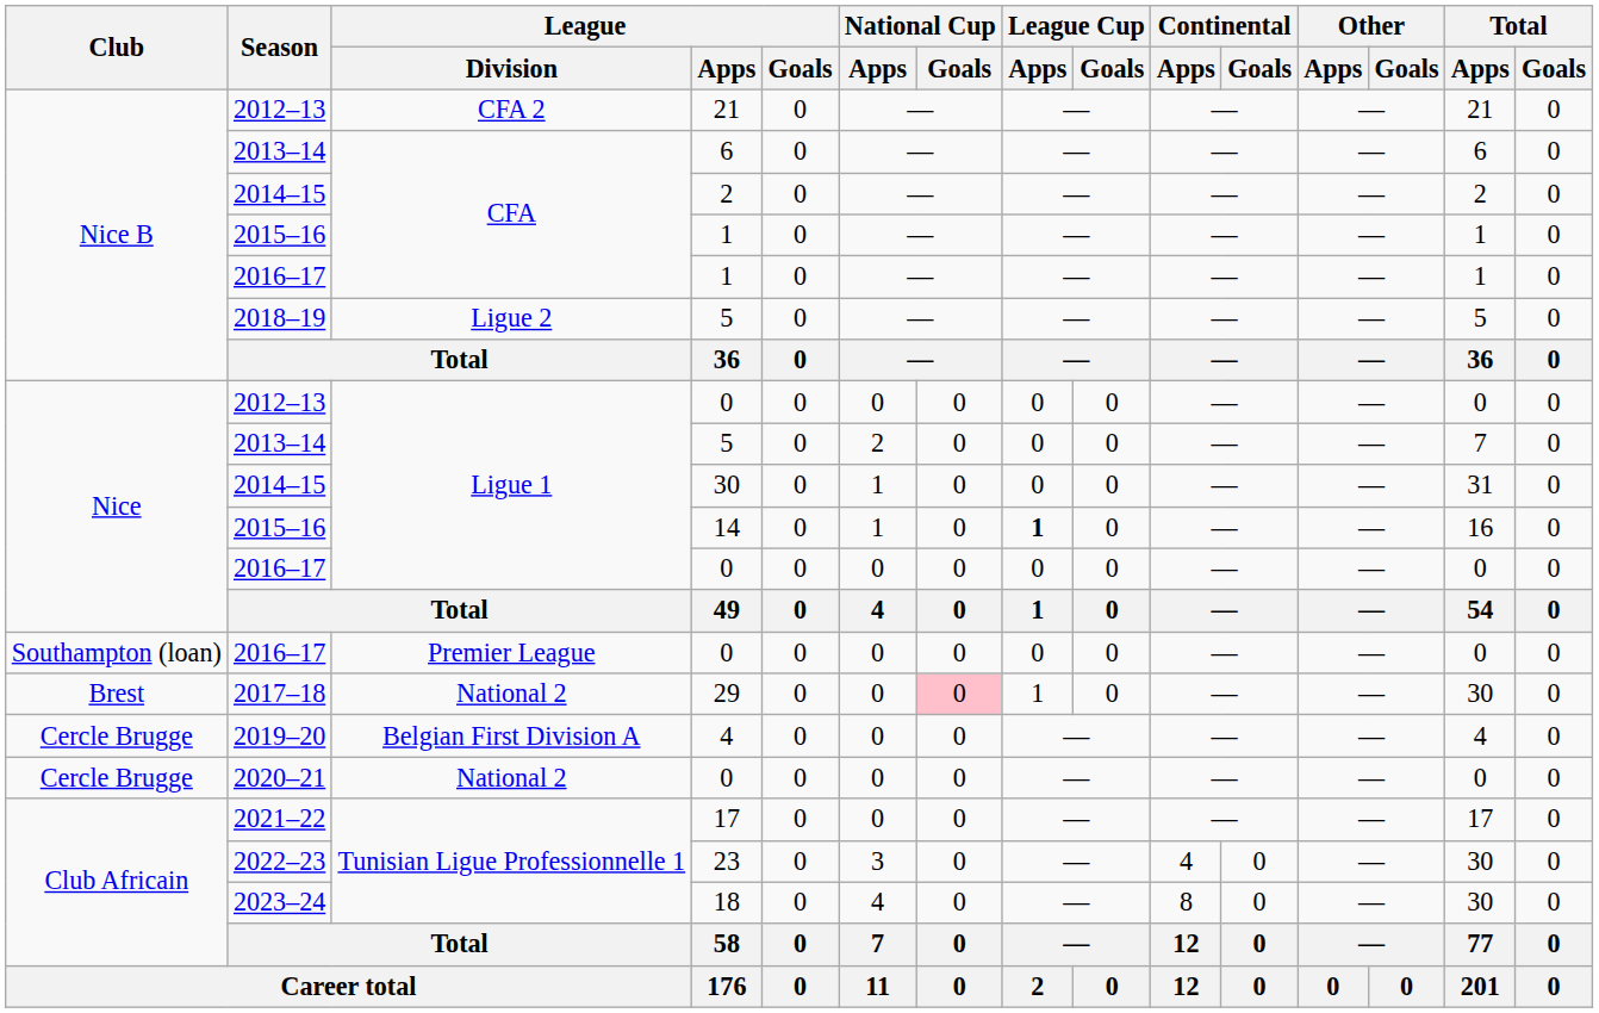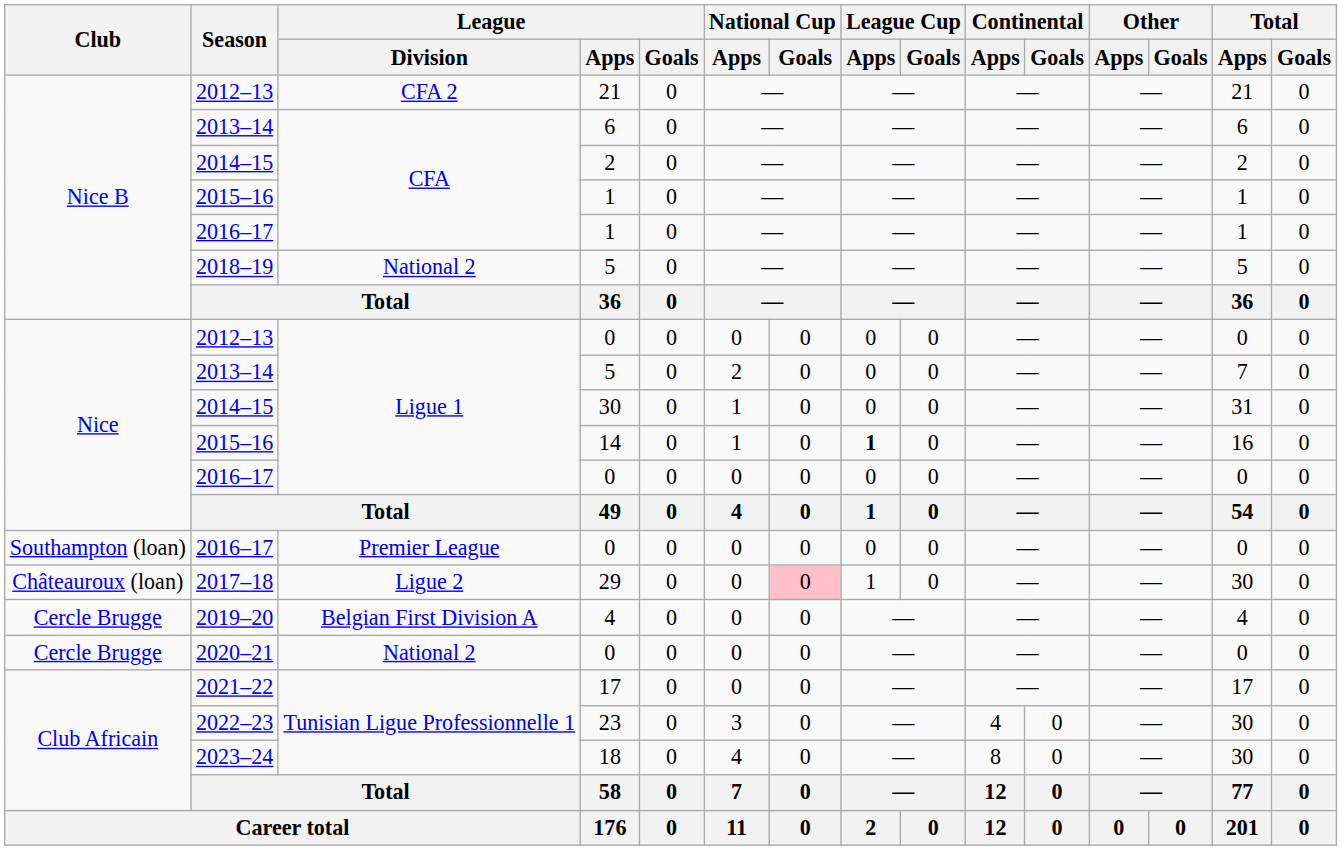 <table class="wikitable" style="text-align:center">
 <tr>
 <th rowspan="2">Club</th>
 <th rowspan="2">Season</th>
 <th colspan="3">League</th>
 <th colspan="2">National Cup</th>
 <th colspan="2">League Cup</th>
 <th colspan="2">Continental</th>
 <th colspan="2">Other</th>
 <th colspan="2">Total</th>
 </tr>
 <tr>
 <th>Division</th>
 <th>Apps</th>
 <th>Goals</th>
 <th>Apps</th>
 <th>Goals</th>
 <th>Apps</th>
 <th>Goals</th>
 <th>Apps</th>
 <th>Goals</th>
 <th>Apps</th>
 <th>Goals</th>
 <th>Apps</th>
 <th>Goals</th>
 </tr>
 <tr>
 <td rowspan="7“"><a href='#'>Nice B</a></td>
 <td><a href='#'>2012–13</a></td>
 <td><a href='#'>CFA 2</a></td>
 <td>21</td>
 <td>0</td>
 <td colspan="2">—</td>
 <td colspan="2">—</td>
 <td colspan="2">—</td>
 <td colspan="2">—</td>
 <td>21</td>
 <td>0</td>
 </tr>
 <tr>
 <td><a href='#'>2013–14</a></td>
 <td rowspan="4"><a href='#'>CFA</a></td>
 <td>6</td>
 <td>0</td>
 <td colspan="2">—</td>
 <td colspan="2">—</td>
 <td colspan="2">—</td>
 <td colspan="2">—</td>
 <td>6</td>
 <td>0</td>
 </tr>
 <tr>
 <td><a href='#'>2014–15</a></td>
 <td>2</td>
 <td>0</td>
 <td colspan="2">—</td>
 <td colspan="2">—</td>
 <td colspan="2">—</td>
 <td colspan="2">—</td>
 <td>2</td>
 <td>0</td>
 </tr>
 <tr>
 <td><a href='#'>2015–16</a></td>
 <td>1</td>
 <td>0</td>
 <td colspan="2">—</td>
 <td colspan="2">—</td>
 <td colspan="2">—</td>
 <td colspan="2">—</td>
 <td>1</td>
 <td>0</td>
 </tr>
 <tr>
 <td><a href='#'>2016–17</a></td>
 <td>1</td>
 <td>0</td>
 <td colspan="2">—</td>
 <td colspan="2">—</td>
 <td colspan="2">—</td>
 <td colspan="2">—</td>
 <td>1</td>
 <td>0</td>
 </tr>
 <tr>
 <td><a href='#'>2018–19</a></td>
-<td><a href='#'>Ligue 2</a></td>
+<td><a href='#'>National 2</a></td>
 <td>5</td>
 <td>0</td>
 <td colspan="2">—</td>
 <td colspan="2">—</td>
 <td colspan="2">—</td>
 <td colspan="2">—</td>
 <td>5</td>
 <td>0</td>
 </tr>
 <tr>
 <th colspan="2">Total</th>
 <th>36</th>
 <th>0</th>
 <th colspan="2">—</th>
 <th colspan="2">—</th>
 <th colspan="2">—</th>
 <th colspan="2">—</th>
 <th>36</th>
 <th>0</th>
 </tr>
 <tr>
 <td rowspan="6"><a href='#'>Nice</a></td>
 <td><a href='#'>2012–13</a></td>
 <td rowspan="5"><a href='#'>Ligue 1</a></td>
 <td>0</td>
 <td>0</td>
 <td>0</td>
 <td>0</td>
 <td>0</td>
 <td>0</td>
 <td colspan="2">—</td>
 <td colspan="2">—</td>
 <td>0</td>
 <td>0</td>
 </tr>
 <tr>
 <td><a href='#'>2013–14</a></td>
 <td>5</td>
 <td>0</td>
 <td>2</td>
 <td>0</td>
 <td>0</td>
 <td>0</td>
 <td colspan="2">—</td>
 <td colspan="2">—</td>
 <td>7</td>
 <td>0</td>
 </tr>
 <tr>
 <td><a href='#'>2014–15</a></td>
 <td>30</td>
 <td>0</td>
 <td>1</td>
 <td>0</td>
 <td>0</td>
 <td>0</td>
 <td colspan="2">—</td>
 <td colspan="2">—</td>
 <td>31</td>
 <td>0</td>
 </tr>
 <tr>
 <td><a href='#'>2015–16</a></td>
 <td>14</td>
 <td>0</td>
 <td>1</td>
 <td>0</td>
 <td><strong>1</strong></td>
 <td>0</td>
 <td colspan="2">—</td>
 <td colspan="2">—</td>
 <td>16</td>
 <td>0</td>
 </tr>
 <tr>
 <td><a href='#'>2016–17</a></td>
 <td>0</td>
 <td>0</td>
 <td>0</td>
 <td>0</td>
 <td>0</td>
 <td>0</td>
 <td colspan="2">—</td>
 <td colspan="2">—</td>
 <td>0</td>
 <td>0</td>
 </tr>
 <tr>
 <th colspan="2">Total</th>
 <th>49</th>
 <th>0</th>
 <th>4</th>
 <th>0</th>
 <th>1</th>
 <th>0</th>
 <th colspan="2">—</th>
 <th colspan="2">—</th>
 <th>54</th>
 <th>0</th>
 </tr>
 <tr>
 <td><a href='#'>Southampton</a> (loan)</td>
 <td><a href='#'>2016–17</a></td>
 <td><a href='#'>Premier League</a></td>
 <td>0</td>
 <td>0</td>
 <td>0</td>
 <td>0</td>
 <td>0</td>
 <td>0</td>
 <td colspan="2">—</td>
 <td colspan="2">—</td>
 <td>0</td>
 <td>0</td>
 </tr>
 <tr>
-<td><a href='#'>Brest</a></td>
+<td><a href='#'>Châteauroux</a> (loan)</td>
 <td><a href='#'>2017–18</a></td>
-<td><a href='#'>National 2</a></td>
+<td><a href='#'>Ligue 2</a></td>
 <td>29</td>
 <td>0</td>
 <td>0</td>
 <td style="background: pink;">0</td>
 <td>1</td>
 <td>0</td>
 <td colspan="2">—</td>
 <td colspan="2">—</td>
 <td>30</td>
 <td>0</td>
 </tr>
 <tr>
 <td><a href='#'>Cercle Brugge</a></td>
 <td><a href='#'>2019–20</a></td>
 <td><a href='#'>Belgian First Division A</a></td>
 <td>4</td>
 <td>0</td>
 <td>0</td>
 <td>0</td>
 <td colspan="2">—</td>
 <td colspan="2">—</td>
 <td colspan="2">—</td>
 <td>4</td>
 <td>0</td>
 </tr>
 <tr>
 <td><a href='#'>Cercle Brugge</a></td>
 <td><a href='#'>2020–21</a></td>
 <td><a href='#'>National 2</a></td>
 <td>0</td>
 <td>0</td>
 <td>0</td>
 <td>0</td>
 <td colspan="2">—</td>
 <td colspan="2">—</td>
 <td colspan="2">—</td>
 <td>0</td>
 <td>0</td>
 </tr>
 <tr>
 <td rowspan="4"><a href='#'>Club Africain</a></td>
 <td><a href='#'>2021–22</a></td>
 <td rowspan="3"><a href='#'>Tunisian Ligue Professionnelle 1</a></td>
 <td>17</td>
 <td>0</td>
 <td>0</td>
 <td>0</td>
 <td colspan="2">—</td>
 <td colspan="2">—</td>
 <td colspan="2">—</td>
 <td>17</td>
 <td>0</td>
 </tr>
 <tr>
 <td><a href='#'>2022–23</a></td>
 <td>23</td>
 <td>0</td>
 <td>3</td>
 <td>0</td>
 <td colspan="2">—</td>
 <td>4</td>
 <td>0</td>
 <td colspan="2">—</td>
 <td>30</td>
 <td>0</td>
 </tr>
 <tr>
 <td><a href='#'>2023–24</a></td>
 <td>18</td>
 <td>0</td>
 <td>4</td>
 <td>0</td>
 <td colspan="2">—</td>
 <td>8</td>
 <td>0</td>
 <td colspan="2">—</td>
 <td>30</td>
 <td>0</td>
 </tr>
 <tr>
 <th colspan="2">Total</th>
 <th>58</th>
 <th>0</th>
 <th>7</th>
 <th>0</th>
 <th colspan="2">—</th>
 <th>12</th>
 <th>0</th>
 <th colspan="2">—</th>
 <th>77</th>
 <th>0</th>
 </tr>
 <tr>
 <th colspan="3">Career total</th>
 <th>176</th>
 <th>0</th>
 <th>11</th>
 <th>0</th>
 <th>2</th>
 <th>0</th>
 <th>12</th>
 <th>0</th>
 <th>0</th>
 <th>0</th>
 <th>201</th>
 <th>0</th>
 </tr>
 </table>
